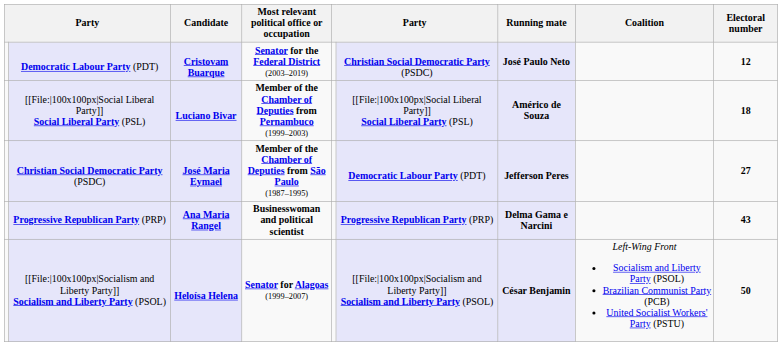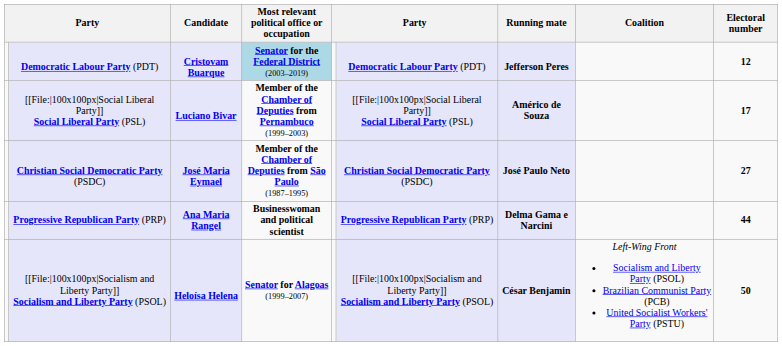 <table class="wikitable" style="text-align:center">
 <tr>
 <th colspan="2">Party</th>
 <th>Candidate</th>
 <th style="max-width:10em">Most relevant political office or occupation</th>
 <th colspan="2">Party</th>
 <th>Running mate</th>
 <th>Coalition</th>
 <th>Electoral number</th>
 </tr>
 <tr>
 <td style="background:"></td>
 <td style="background:lavender;" max-width:150px><br><strong><a href='#'>Democratic Labour Party</a></strong> (PDT)</td>
 <td style="background:lavender;" max-width:150px><br><strong><a href='#'>Cristovam Buarque</a></strong></td>
-<td style="max-width:10em"><strong><a href='#'>Senator</a> for the <a href='#'>Federal District</a></strong><br><small>(2003–2019)</small></td>
+<td style="background: lightblue; max-width:10em"><strong><a href='#'>Senator</a> for the <a href='#'>Federal District</a></strong><br><small>(2003–2019)</small></td>
 <td style="background:"></td>
-<td style="background:lavender;" max-width:150px><br><strong><a href='#'>Christian Social Democratic Party</a></strong> (PSDC)</td>
-<td style="background:lavender;" max-width:150px><strong>José Paulo Neto</strong></td>
+<td style="background:lavender;" max-width:150px><br><strong><a href='#'>Democratic Labour Party</a></strong> (PDT)</td>
+<td style="background:lavender;" max-width:150px><br><strong>Jefferson Peres</strong></td>
 <td></td>
 <td><strong>12</strong></td>
 </tr>
 <tr>
 <td style="background:"></td>
 <td style="background:lavender;" max-width:150px>[[File:|100x100px|Social Liberal Party]]<br><strong><a href='#'>Social Liberal Party</a></strong> (PSL)</td>
 <td style="background:lavender;" max-width:150px><br><strong><a href='#'>Luciano Bivar</a></strong></td>
 <td style="max-width:10em"><strong>Member of the <a href='#'>Chamber of Deputies</a> from <a href='#'>Pernambuco</a></strong><br><small>(1999–2003)</small></td>
 <td style="background:"></td>
 <td style="background:lavender;" max-width:150px>[[File:|100x100px|Social Liberal Party]]<br><strong><a href='#'>Social Liberal Party</a></strong> (PSL)</td>
 <td style="background:lavender;" max-width:150px><strong>Américo de Souza</strong></td>
 <td></td>
-<td><strong>18</strong></td>
+<td><strong>17</strong></td>
 </tr>
 <tr>
 <td style="background:"></td>
 <td style="background:lavender;" max-width:150px><br><strong><a href='#'>Christian Social Democratic Party</a></strong> (PSDC)</td>
 <td style="background:lavender;" max-width:150px><br><strong><a href='#'>José Maria Eymael</a></strong></td>
 <td style="max-width:10em"><strong>Member of the <a href='#'>Chamber of Deputies</a> from <a href='#'>São Paulo</a></strong><br><small>(1987–1995)</small></td>
 <td style="background:"></td>
-<td style="background:lavender;" max-width:150px><br><strong><a href='#'>Democratic Labour Party</a></strong> (PDT)</td>
-<td style="background:lavender;" max-width:150px><br><strong>Jefferson Peres</strong></td>
+<td style="background:lavender;" max-width:150px><br><strong><a href='#'>Christian Social Democratic Party</a></strong> (PSDC)</td>
+<td style="background:lavender;" max-width:150px><strong>José Paulo Neto</strong></td>
 <td></td>
 <td><strong>27</strong></td>
 </tr>
 <tr>
 <td style="background:"></td>
 <td style="background:lavender;" max-width:150px><strong><a href='#'>Progressive Republican Party</a></strong> (PRP)</td>
 <td style="background:lavender;" max-width:150px><strong><a href='#'>Ana Maria Rangel</a></strong></td>
 <td style="max-width:10em"><strong>Businesswoman and political scientist</strong></td>
 <td style="background:"></td>
 <td style="background:lavender;" max-width:150px><strong><a href='#'>Progressive Republican Party</a></strong> (PRP)</td>
 <td style="background:lavender;" max-width:150px><strong>Delma Gama e Narcini</strong></td>
 <td></td>
-<td><strong>43</strong></td>
+<td><strong>44</strong></td>
 </tr>
 <tr>
 <td style="background:"></td>
 <td style="background:lavender;" max-width:150px>[[File:|100x100px|Socialism and Liberty Party]]<br><strong><a href='#'>Socialism and Liberty Party</a></strong> (PSOL)</td>
 <td style="background:lavender;" max-width:150px><br><strong><a href='#'>Heloísa Helena</a></strong></td>
 <td style="max-width:10em"><strong><a href='#'>Senator</a> for <a href='#'>Alagoas</a></strong><br><small>(1999–2007)</small></td>
 <td style="background:"></td>
 <td style="background:lavender;" max-width:150px>[[File:|100x100px|Socialism and Liberty Party]]<br><strong><a href='#'>Socialism and Liberty Party</a></strong> (PSOL)</td>
 <td style="background:lavender;" max-width:150px><strong>César Benjamin</strong></td>
 <td><em>Left-Wing Front</em><br><ul><li><a href='#'>Socialism and Liberty Party</a> (PSOL)</li><li><a href='#'>Brazilian Communist Party</a> (PCB)</li><li><a href='#'>United Socialist Workers' Party</a> (PSTU)</li></ul></td>
 <td><strong>50</strong></td>
 </tr>
 </table>
